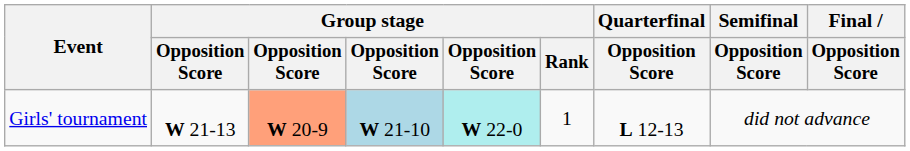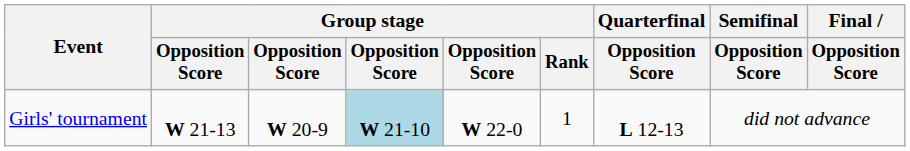 <table class="wikitable" style="font-size:90%">
 <tr>
 <th rowspan=2>Event</th>
 <th colspan=5>Group stage</th>
 <th>Quarterfinal</th>
 <th>Semifinal</th>
 <th>Final / </th>
 </tr>
 <tr style="font-size:95%">
 <th>Opposition<br>Score</th>
 <th>Opposition<br>Score</th>
 <th>Opposition<br>Score</th>
 <th>Opposition<br>Score</th>
 <th>Rank</th>
 <th>Opposition<br>Score</th>
 <th>Opposition<br>Score</th>
 <th>Opposition<br>Score</th>
 </tr>
 <tr align=center>
 <td align=left><a href='#'>Girls' tournament</a></td>
 <td> <br> <strong>W</strong> 21-13</td>
-<td style="background: lightsalmon;"> <br> <strong>W</strong> 20-9</td>
+<td> <br> <strong>W</strong> 20-9</td>
 <td style="background: lightblue;"> <br> <strong>W</strong> 21-10</td>
-<td style="background: paleturquoise;"> <br> <strong>W</strong> 22-0</td>
+<td> <br> <strong>W</strong> 22-0</td>
 <td>1</td>
 <td> <br> <strong>L</strong> 12-13</td>
 <td Colspan=2><em>did not advance</em></td>
 </tr>
 </table>
